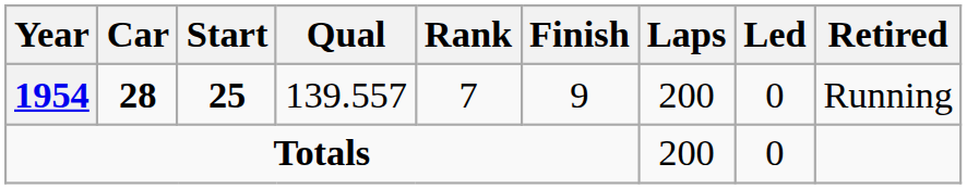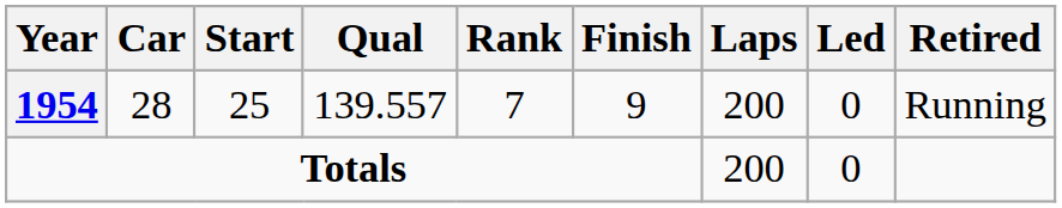 <table class="wikitable" style="text-align:center">
 <tr>
 <th>Year</th>
 <th>Car</th>
 <th>Start</th>
 <th>Qual</th>
 <th>Rank</th>
 <th>Finish</th>
 <th>Laps</th>
 <th>Led</th>
 <th>Retired</th>
 </tr>
 <tr>
 <th><a href='#'>1954</a></th>
-<td><strong>28</strong></td>
-<td><strong>25</strong></td>
+<td>28</td>
+<td>25</td>
 <td>139.557</td>
 <td>7</td>
 <td>9</td>
 <td>200</td>
 <td>0</td>
 <td>Running</td>
 </tr>
 <tr>
 <td colspan=6><strong>Totals</strong></td>
 <td>200</td>
 <td>0</td>
 <td></td>
 </tr>
 </table>
